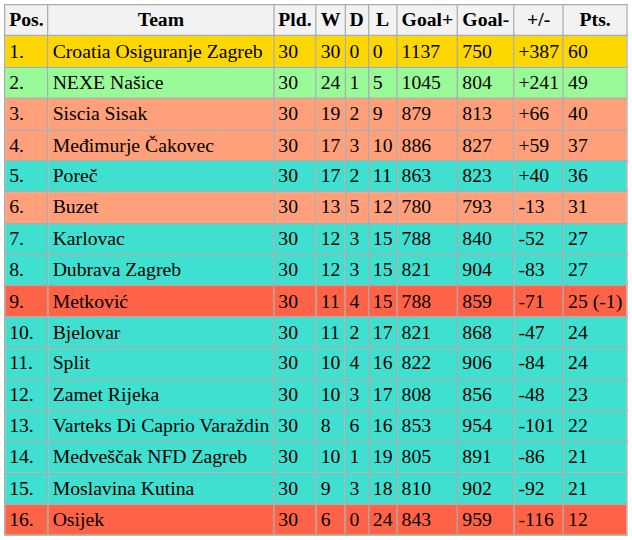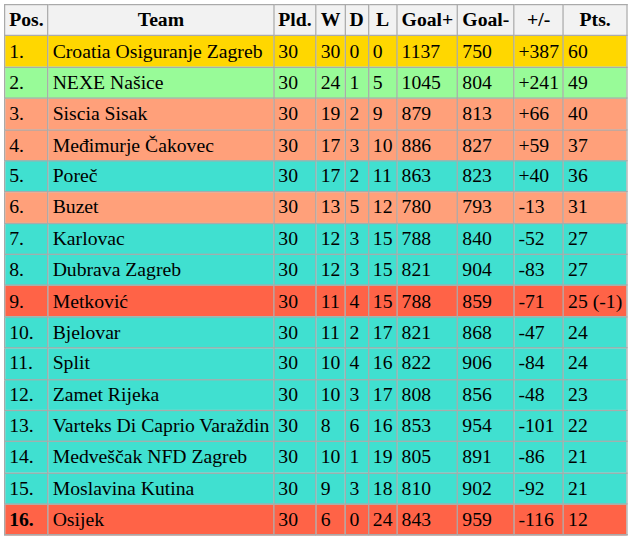 <table class="wikitable">
 <tr>
 <th>Pos.</th>
 <th>Team</th>
 <th>Pld.</th>
 <th>W</th>
 <th>D</th>
 <th>L</th>
 <th>Goal+</th>
 <th>Goal-</th>
 <th>+/-</th>
 <th>Pts.</th>
 </tr>
 <tr bgcolor="gold">
 <td>1.</td>
 <td>Croatia Osiguranje Zagreb</td>
 <td>30</td>
 <td>30</td>
 <td>0</td>
 <td>0</td>
 <td>1137</td>
 <td>750</td>
 <td>+387</td>
 <td>60</td>
 </tr>
 <tr style="background:palegreen;">
 <td>2.</td>
 <td>NEXE Našice</td>
 <td>30</td>
 <td>24</td>
 <td>1</td>
 <td>5</td>
 <td>1045</td>
 <td>804</td>
 <td>+241</td>
 <td>49</td>
 </tr>
 <tr style="background:lightsalmon;">
 <td>3.</td>
 <td>Siscia Sisak</td>
 <td>30</td>
 <td>19</td>
 <td>2</td>
 <td>9</td>
 <td>879</td>
 <td>813</td>
 <td>+66</td>
 <td>40</td>
 </tr>
 <tr style="background:lightsalmon;">
 <td>4.</td>
 <td>Međimurje Čakovec</td>
 <td>30</td>
 <td>17</td>
 <td>3</td>
 <td>10</td>
 <td>886</td>
 <td>827</td>
 <td>+59</td>
 <td>37</td>
 </tr>
 <tr style="background:turquoise;">
 <td>5.</td>
 <td>Poreč</td>
 <td>30</td>
 <td>17</td>
 <td>2</td>
 <td>11</td>
 <td>863</td>
 <td>823</td>
 <td>+40</td>
 <td>36</td>
 </tr>
 <tr style="background:lightsalmon;">
 <td>6.</td>
 <td>Buzet</td>
 <td>30</td>
 <td>13</td>
 <td>5</td>
 <td>12</td>
 <td>780</td>
 <td>793</td>
 <td>-13</td>
 <td>31</td>
 </tr>
 <tr style="background:turquoise;">
 <td>7.</td>
 <td>Karlovac</td>
 <td>30</td>
 <td>12</td>
 <td>3</td>
 <td>15</td>
 <td>788</td>
 <td>840</td>
 <td>-52</td>
 <td>27</td>
 </tr>
 <tr style="background:turquoise;">
 <td>8.</td>
 <td>Dubrava Zagreb</td>
 <td>30</td>
 <td>12</td>
 <td>3</td>
 <td>15</td>
 <td>821</td>
 <td>904</td>
 <td>-83</td>
 <td>27</td>
 </tr>
 <tr style="background:tomato">
 <td>9.</td>
 <td>Metković</td>
 <td>30</td>
 <td>11</td>
 <td>4</td>
 <td>15</td>
 <td>788</td>
 <td>859</td>
 <td>-71</td>
 <td>25 (-1)</td>
 </tr>
 <tr style="background:turquoise;">
 <td>10.</td>
 <td>Bjelovar</td>
 <td>30</td>
 <td>11</td>
 <td>2</td>
 <td>17</td>
 <td>821</td>
 <td>868</td>
 <td>-47</td>
 <td>24</td>
 </tr>
 <tr style="background:turquoise;">
 <td>11.</td>
 <td>Split</td>
 <td>30</td>
 <td>10</td>
 <td>4</td>
 <td>16</td>
 <td>822</td>
 <td>906</td>
 <td>-84</td>
 <td>24</td>
 </tr>
 <tr style="background:turquoise;">
 <td>12.</td>
 <td>Zamet Rijeka</td>
 <td>30</td>
 <td>10</td>
 <td>3</td>
 <td>17</td>
 <td>808</td>
 <td>856</td>
 <td>-48</td>
 <td>23</td>
 </tr>
 <tr style="background:turquoise;">
 <td>13.</td>
 <td>Varteks Di Caprio Varaždin</td>
 <td>30</td>
 <td>8</td>
 <td>6</td>
 <td>16</td>
 <td>853</td>
 <td>954</td>
 <td>-101</td>
 <td>22</td>
 </tr>
 <tr style="background:turquoise;">
 <td>14.</td>
 <td>Medveščak NFD Zagreb</td>
 <td>30</td>
 <td>10</td>
 <td>1</td>
 <td>19</td>
 <td>805</td>
 <td>891</td>
 <td>-86</td>
 <td>21</td>
 </tr>
 <tr style="background:turquoise;">
 <td>15.</td>
 <td>Moslavina Kutina</td>
 <td>30</td>
 <td>9</td>
 <td>3</td>
 <td>18</td>
 <td>810</td>
 <td>902</td>
 <td>-92</td>
 <td>21</td>
 </tr>
 <tr style="background:tomato">
-<td>16.</td>
+<td><strong>16.</strong></td>
 <td>Osijek</td>
 <td>30</td>
 <td>6</td>
 <td>0</td>
 <td>24</td>
 <td>843</td>
 <td>959</td>
 <td>-116</td>
 <td>12</td>
 </tr>
 <tr style="background:tomato">
 </tr>
 </table>
